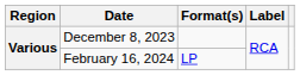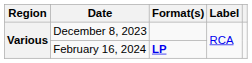 <table class="wikitable plainrowheaders">
 <tr>
 <th scope="col">Region</th>
 <th scope="col">Date</th>
 <th scope="col">Format(s)</th>
 <th scope="col">Label</th>
 <th scope="col"></th>
 </tr>
 <tr>
 <th scope="row" rowspan="2">Various</th>
 <td>December 8, 2023</td>
 <td></td>
 <td rowspan="2"><a href='#'>RCA</a></td>
 <td rowspan="2" style="text-align:center"></td>
 </tr>
 <tr>
 <td>February 16, 2024</td>
-<td><a href='#'>LP</a></td>
+<td><strong><a href='#'>LP</a></strong></td>
 </tr>
 </table>
